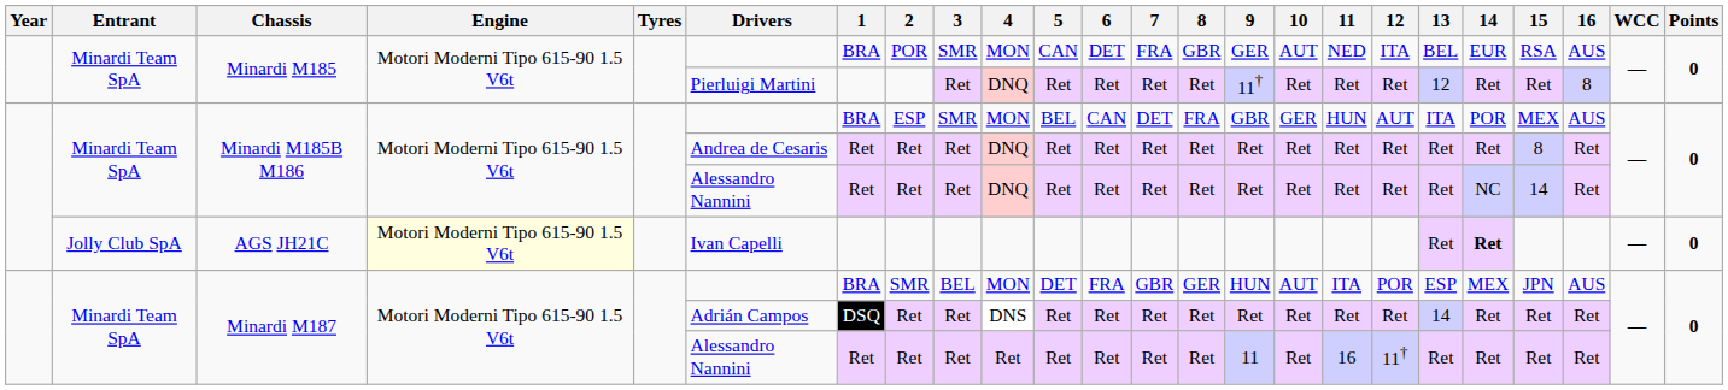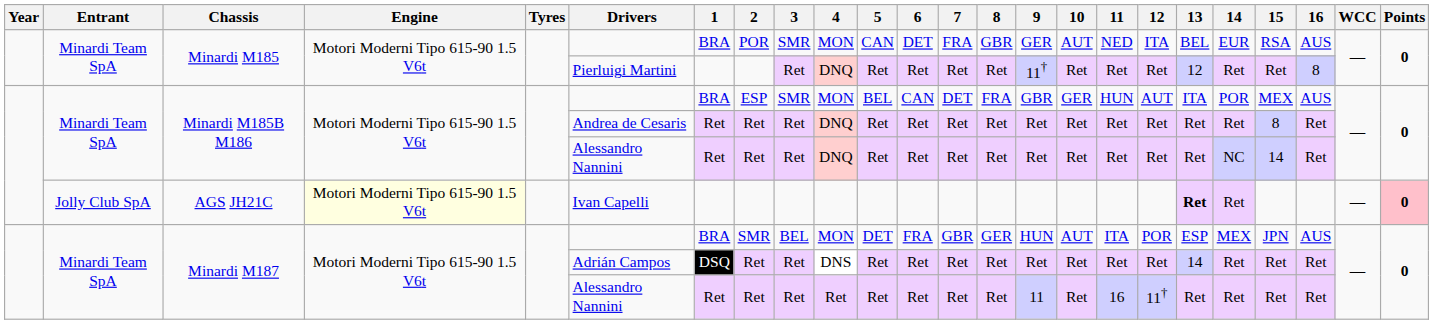 <table class="wikitable" style="text-align:center; font-size:85%">
 <tr>
 <th>Year</th>
 <th>Entrant</th>
 <th>Chassis</th>
 <th>Engine</th>
 <th>Tyres</th>
 <th>Drivers</th>
 <th>1</th>
 <th>2</th>
 <th>3</th>
 <th>4</th>
 <th>5</th>
 <th>6</th>
 <th>7</th>
 <th>8</th>
 <th>9</th>
 <th>10</th>
 <th>11</th>
 <th>12</th>
 <th>13</th>
 <th>14</th>
 <th>15</th>
 <th>16</th>
 <th>WCC</th>
 <th>Points</th>
 </tr>
 <tr>
 <td rowspan=2></td>
 <td rowspan=2><a href='#'>Minardi Team SpA</a></td>
 <td rowspan=2><a href='#'>Minardi</a> <a href='#'>M185</a></td>
 <td rowspan=2>Motori Moderni Tipo 615-90 1.5 <a href='#'>V6</a><a href='#'>t</a></td>
 <td rowspan=2></td>
 <td></td>
 <td><a href='#'>BRA</a></td>
 <td><a href='#'>POR</a></td>
 <td><a href='#'>SMR</a></td>
 <td><a href='#'>MON</a></td>
 <td><a href='#'>CAN</a></td>
 <td><a href='#'>DET</a></td>
 <td><a href='#'>FRA</a></td>
 <td><a href='#'>GBR</a></td>
 <td><a href='#'>GER</a></td>
 <td><a href='#'>AUT</a></td>
 <td><a href='#'>NED</a></td>
 <td><a href='#'>ITA</a></td>
 <td><a href='#'>BEL</a></td>
 <td><a href='#'>EUR</a></td>
 <td><a href='#'>RSA</a></td>
 <td><a href='#'>AUS</a></td>
 <td rowspan=2><strong>—</strong></td>
 <td rowspan=2><strong>0</strong></td>
 </tr>
 <tr>
 <td align="left"> <a href='#'>Pierluigi Martini</a></td>
 <td></td>
 <td></td>
 <td style="background:#efcfff;">Ret</td>
 <td style="background:#ffcfcf;">DNQ</td>
 <td style="background:#efcfff;">Ret</td>
 <td style="background:#efcfff;">Ret</td>
 <td style="background:#efcfff;">Ret</td>
 <td style="background:#efcfff;">Ret</td>
 <td style="background:#cfcfff;">11<sup>†</sup></td>
 <td style="background:#efcfff;">Ret</td>
 <td style="background:#efcfff;">Ret</td>
 <td style="background:#efcfff;">Ret</td>
 <td style="background:#cfcfff;">12</td>
 <td style="background:#efcfff;">Ret</td>
 <td style="background:#efcfff;">Ret</td>
 <td style="background:#cfcfff;">8</td>
 </tr>
 <tr>
 <td rowspan=4></td>
 <td rowspan=3><a href='#'>Minardi Team SpA</a></td>
 <td rowspan=3><a href='#'>Minardi</a> <a href='#'>M185B</a> <a href='#'>M186</a></td>
 <td rowspan=3>Motori Moderni Tipo 615-90 1.5 <a href='#'>V6</a><a href='#'>t</a></td>
 <td rowspan=3></td>
 <td></td>
 <td><a href='#'>BRA</a></td>
 <td><a href='#'>ESP</a></td>
 <td><a href='#'>SMR</a></td>
 <td><a href='#'>MON</a></td>
 <td><a href='#'>BEL</a></td>
 <td><a href='#'>CAN</a></td>
 <td><a href='#'>DET</a></td>
 <td><a href='#'>FRA</a></td>
 <td><a href='#'>GBR</a></td>
 <td><a href='#'>GER</a></td>
 <td><a href='#'>HUN</a></td>
 <td><a href='#'>AUT</a></td>
 <td><a href='#'>ITA</a></td>
 <td><a href='#'>POR</a></td>
 <td><a href='#'>MEX</a></td>
 <td><a href='#'>AUS</a></td>
 <td rowspan=3><strong>—</strong></td>
 <td rowspan=3><strong>0</strong></td>
 </tr>
 <tr>
 <td style="text-align:left"> <a href='#'>Andrea de Cesaris</a></td>
 <td style="background:#efcfff;">Ret</td>
 <td style="background:#efcfff;">Ret</td>
 <td style="background:#efcfff;">Ret</td>
 <td style="background:#ffcfcf;">DNQ</td>
 <td style="background:#efcfff;">Ret</td>
 <td style="background:#efcfff;">Ret</td>
 <td style="background:#efcfff;">Ret</td>
 <td style="background:#efcfff;">Ret</td>
 <td style="background:#efcfff;">Ret</td>
 <td style="background:#efcfff;">Ret</td>
 <td style="background:#efcfff;">Ret</td>
 <td style="background:#efcfff;">Ret</td>
 <td style="background:#efcfff;">Ret</td>
 <td style="background:#efcfff;">Ret</td>
 <td style="background:#cfcfff;">8</td>
 <td style="background:#efcfff;">Ret</td>
 </tr>
 <tr>
 <td style="text-align:left"> <a href='#'>Alessandro Nannini</a></td>
 <td style="background:#efcfff;">Ret</td>
 <td style="background:#efcfff;">Ret</td>
 <td style="background:#efcfff;">Ret</td>
 <td style="background:#ffcfcf;">DNQ</td>
 <td style="background:#efcfff;">Ret</td>
 <td style="background:#efcfff;">Ret</td>
 <td style="background:#efcfff;">Ret</td>
 <td style="background:#efcfff;">Ret</td>
 <td style="background:#efcfff;">Ret</td>
 <td style="background:#efcfff;">Ret</td>
 <td style="background:#efcfff;">Ret</td>
 <td style="background:#efcfff;">Ret</td>
 <td style="background:#efcfff;">Ret</td>
 <td style="background:#cfcfff;">NC</td>
 <td style="background:#cfcfff;">14</td>
 <td style="background:#efcfff;">Ret</td>
 </tr>
 <tr>
 <td><a href='#'>Jolly Club SpA</a></td>
 <td><a href='#'>AGS</a> <a href='#'>JH21C</a></td>
 <td style="background: lightyellow;">Motori Moderni Tipo 615-90 1.5 <a href='#'>V6</a><a href='#'>t</a></td>
 <td></td>
 <td style="text-align:left"> <a href='#'>Ivan Capelli</a></td>
 <td></td>
 <td></td>
 <td></td>
 <td></td>
 <td></td>
 <td></td>
 <td></td>
 <td></td>
 <td></td>
 <td></td>
 <td></td>
 <td></td>
+<td style="background:#efcfff;"><strong>Ret</strong></td>
 <td style="background:#efcfff;">Ret</td>
-<td style="background:#efcfff;"><strong>Ret</strong></td>
 <td></td>
 <td></td>
 <td><strong>—</strong></td>
-<td><strong>0</strong></td>
+<td style="background: pink;"><strong>0</strong></td>
 </tr>
 <tr>
 <td rowspan=3></td>
 <td rowspan=3><a href='#'>Minardi Team SpA</a></td>
 <td rowspan=3><a href='#'>Minardi</a> <a href='#'>M187</a></td>
 <td rowspan=3>Motori Moderni Tipo 615-90 1.5 <a href='#'>V6</a><a href='#'>t</a></td>
 <td rowspan=3></td>
 <td></td>
 <td><a href='#'>BRA</a></td>
 <td><a href='#'>SMR</a></td>
 <td><a href='#'>BEL</a></td>
 <td><a href='#'>MON</a></td>
 <td><a href='#'>DET</a></td>
 <td><a href='#'>FRA</a></td>
 <td><a href='#'>GBR</a></td>
 <td><a href='#'>GER</a></td>
 <td><a href='#'>HUN</a></td>
 <td><a href='#'>AUT</a></td>
 <td><a href='#'>ITA</a></td>
 <td><a href='#'>POR</a></td>
 <td><a href='#'>ESP</a></td>
 <td><a href='#'>MEX</a></td>
 <td><a href='#'>JPN</a></td>
 <td><a href='#'>AUS</a></td>
 <td rowspan=3><strong>—</strong></td>
 <td rowspan=3><strong>0</strong></td>
 </tr>
 <tr>
 <td align="left"> <a href='#'>Adrián Campos</a></td>
 <td style="background:#000000; color:white">DSQ</td>
 <td style="background:#efcfff;">Ret</td>
 <td style="background:#efcfff;">Ret</td>
 <td style="background:#ffffff;">DNS</td>
 <td style="background:#efcfff;">Ret</td>
 <td style="background:#efcfff;">Ret</td>
 <td style="background:#efcfff;">Ret</td>
 <td style="background:#efcfff;">Ret</td>
 <td style="background:#efcfff;">Ret</td>
 <td style="background:#efcfff;">Ret</td>
 <td style="background:#efcfff;">Ret</td>
 <td style="background:#efcfff;">Ret</td>
 <td style="background:#cfcfff;">14</td>
 <td style="background:#efcfff;">Ret</td>
 <td style="background:#efcfff;">Ret</td>
 <td style="background:#efcfff;">Ret</td>
 </tr>
 <tr>
 <td align="left"> <a href='#'>Alessandro Nannini</a></td>
 <td style="background:#efcfff;">Ret</td>
 <td style="background:#efcfff;">Ret</td>
 <td style="background:#efcfff;">Ret</td>
 <td style="background:#efcfff;">Ret</td>
 <td style="background:#efcfff;">Ret</td>
 <td style="background:#efcfff;">Ret</td>
 <td style="background:#efcfff;">Ret</td>
 <td style="background:#efcfff;">Ret</td>
 <td style="background:#cfcfff;">11</td>
 <td style="background:#efcfff;">Ret</td>
 <td style="background:#cfcfff;">16</td>
 <td style="background:#cfcfff;">11<sup>†</sup></td>
 <td style="background:#efcfff;">Ret</td>
 <td style="background:#efcfff;">Ret</td>
 <td style="background:#efcfff;">Ret</td>
 <td style="background:#efcfff;">Ret</td>
 </tr>
 </table>
